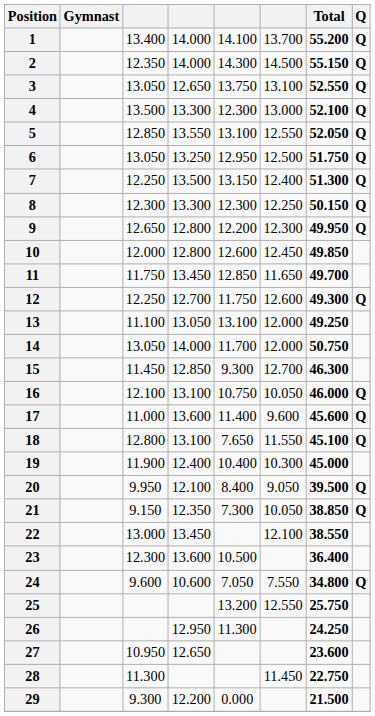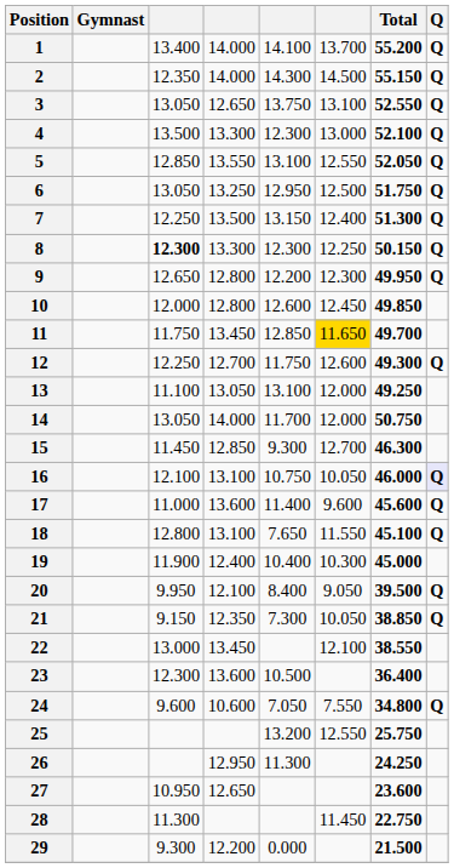 <table class="wikitable sortable" style="text-align:center; font-size:95%">
 <tr>
 <th>Position</th>
 <th>Gymnast</th>
 <th></th>
 <th></th>
 <th></th>
 <th></th>
 <th>Total</th>
 <th>Q</th>
 </tr>
 <tr>
 <th><strong>1</strong></th>
 <td align=left></td>
 <td>13.400</td>
 <td>14.000</td>
 <td>14.100</td>
 <td>13.700</td>
 <td><strong>55.200</strong></td>
 <td><strong>Q</strong></td>
 </tr>
 <tr>
 <th><strong>2</strong></th>
 <td align=left></td>
 <td>12.350</td>
 <td>14.000</td>
 <td>14.300</td>
 <td>14.500</td>
 <td><strong>55.150</strong></td>
 <td><strong>Q</strong></td>
 </tr>
 <tr>
 <th><strong>3</strong></th>
 <td align=left></td>
 <td>13.050</td>
 <td>12.650</td>
 <td>13.750</td>
 <td>13.100</td>
 <td><strong>52.550</strong></td>
 <td><strong>Q</strong></td>
 </tr>
 <tr>
 <th><strong>4</strong></th>
 <td align=left></td>
 <td>13.500</td>
 <td>13.300</td>
 <td>12.300</td>
 <td>13.000</td>
 <td><strong>52.100</strong></td>
 <td><strong>Q</strong></td>
 </tr>
 <tr>
 <th><strong>5</strong></th>
 <td align=left></td>
 <td>12.850</td>
 <td>13.550</td>
 <td>13.100</td>
 <td>12.550</td>
 <td><strong>52.050</strong></td>
 <td><strong>Q</strong></td>
 </tr>
 <tr>
 <th><strong>6</strong></th>
 <td align=left></td>
 <td>13.050</td>
 <td>13.250</td>
 <td>12.950</td>
 <td>12.500</td>
 <td><strong>51.750</strong></td>
 <td><strong>Q</strong></td>
 </tr>
 <tr>
 <th><strong>7</strong></th>
 <td align=left></td>
 <td>12.250</td>
 <td>13.500</td>
 <td>13.150</td>
 <td>12.400</td>
 <td><strong>51.300</strong></td>
 <td><strong>Q</strong></td>
 </tr>
 <tr>
 <th><strong>8</strong></th>
 <td align=left></td>
-<td>12.300</td>
+<td><strong>12.300</strong></td>
 <td>13.300</td>
 <td>12.300</td>
 <td>12.250</td>
 <td><strong>50.150</strong></td>
 <td><strong>Q</strong></td>
 </tr>
 <tr>
 <th><strong>9</strong></th>
 <td align=left></td>
 <td>12.650</td>
 <td>12.800</td>
 <td>12.200</td>
 <td>12.300</td>
 <td><strong>49.950</strong></td>
 <td><strong>Q</strong></td>
 </tr>
 <tr>
 <th><strong>10</strong></th>
 <td align=left></td>
 <td>12.000</td>
 <td>12.800</td>
 <td>12.600</td>
 <td>12.450</td>
 <td><strong>49.850</strong></td>
 <td></td>
 </tr>
 <tr>
 <th><strong>11</strong></th>
 <td align=left></td>
 <td>11.750</td>
 <td>13.450</td>
 <td>12.850</td>
-<td>11.650</td>
+<td style="background: gold;">11.650</td>
 <td><strong>49.700</strong></td>
 <td></td>
 </tr>
 <tr>
 <th><strong>12</strong></th>
 <td align=left></td>
 <td>12.250</td>
 <td>12.700</td>
 <td>11.750</td>
 <td>12.600</td>
 <td><strong>49.300</strong></td>
 <td><strong>Q</strong></td>
 </tr>
 <tr>
 <th><strong>13</strong></th>
 <td align=left></td>
 <td>11.100</td>
 <td>13.050</td>
 <td>13.100</td>
 <td>12.000</td>
 <td><strong>49.250</strong></td>
 <td></td>
 </tr>
 <tr>
 <th><strong>14</strong></th>
 <td align=left></td>
 <td>13.050</td>
 <td>14.000</td>
 <td>11.700</td>
 <td>12.000</td>
 <td><strong>50.750</strong></td>
 <td></td>
 </tr>
 <tr>
 <th><strong>15</strong></th>
 <td align=left></td>
 <td>11.450</td>
 <td>12.850</td>
 <td>9.300</td>
 <td>12.700</td>
 <td><strong>46.300</strong></td>
 <td></td>
 </tr>
 <tr>
 <th><strong>16</strong></th>
 <td align=left></td>
 <td>12.100</td>
 <td>13.100</td>
 <td>10.750</td>
 <td>10.050</td>
 <td><strong>46.000</strong></td>
-<td><strong>Q</strong></td>
+<td style="background: lavender;"><strong>Q</strong></td>
 </tr>
 <tr>
 <th><strong>17</strong></th>
 <td align=left></td>
 <td>11.000</td>
 <td>13.600</td>
 <td>11.400</td>
 <td>9.600</td>
 <td><strong>45.600</strong></td>
 <td><strong>Q</strong></td>
 </tr>
 <tr>
 <th><strong>18</strong></th>
 <td align=left></td>
 <td>12.800</td>
 <td>13.100</td>
 <td>7.650</td>
 <td>11.550</td>
 <td><strong>45.100</strong></td>
 <td><strong>Q</strong></td>
 </tr>
 <tr>
 <th><strong>19</strong></th>
 <td align=left></td>
 <td>11.900</td>
 <td>12.400</td>
 <td>10.400</td>
 <td>10.300</td>
 <td><strong>45.000</strong></td>
 <td></td>
 </tr>
 <tr>
 <th><strong>20</strong></th>
 <td align=left></td>
 <td>9.950</td>
 <td>12.100</td>
 <td>8.400</td>
 <td>9.050</td>
 <td><strong>39.500</strong></td>
 <td><strong>Q</strong></td>
 </tr>
 <tr>
 <th><strong>21</strong></th>
 <td align=left></td>
 <td>9.150</td>
 <td>12.350</td>
 <td>7.300</td>
 <td>10.050</td>
 <td><strong>38.850</strong></td>
 <td><strong>Q</strong></td>
 </tr>
 <tr>
 <th><strong>22</strong></th>
 <td align=left></td>
 <td>13.000</td>
 <td>13.450</td>
 <td></td>
 <td>12.100</td>
 <td><strong>38.550</strong></td>
 <td></td>
 </tr>
 <tr>
 <th><strong>23</strong></th>
 <td align=left></td>
 <td>12.300</td>
 <td>13.600</td>
 <td>10.500</td>
 <td></td>
 <td><strong>36.400</strong></td>
 <td></td>
 </tr>
 <tr>
 <th><strong>24</strong></th>
 <td align=left></td>
 <td>9.600</td>
 <td>10.600</td>
 <td>7.050</td>
 <td>7.550</td>
 <td><strong>34.800</strong></td>
 <td><strong>Q</strong></td>
 </tr>
 <tr>
 <th><strong>25</strong></th>
 <td align=left></td>
 <td></td>
 <td></td>
 <td>13.200</td>
 <td>12.550</td>
 <td><strong>25.750</strong></td>
 <td></td>
 </tr>
 <tr>
 <th><strong>26</strong></th>
 <td align=left></td>
 <td></td>
 <td>12.950</td>
 <td>11.300</td>
 <td></td>
 <td><strong>24.250</strong></td>
 <td></td>
 </tr>
 <tr>
 <th><strong>27</strong></th>
 <td align=left></td>
 <td>10.950</td>
 <td>12.650</td>
 <td></td>
 <td></td>
 <td><strong>23.600</strong></td>
 <td></td>
 </tr>
 <tr>
 <th><strong>28</strong></th>
 <td align=left></td>
 <td>11.300</td>
 <td></td>
 <td></td>
 <td>11.450</td>
 <td><strong>22.750</strong></td>
 <td></td>
 </tr>
 <tr>
 <th><strong>29</strong></th>
 <td align=left></td>
 <td>9.300</td>
 <td>12.200</td>
 <td>0.000</td>
 <td></td>
 <td><strong>21.500</strong></td>
 <td></td>
 </tr>
 <tr>
 </tr>
 </table>
